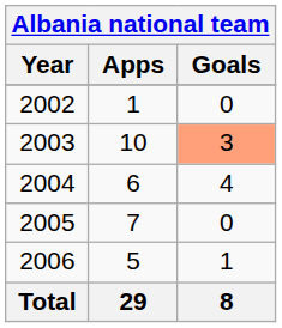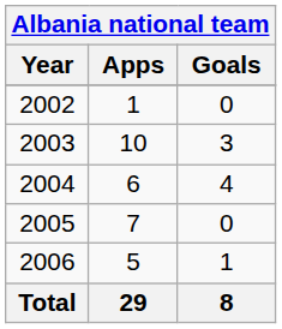 <table class="wikitable" style="text-align:center">
 <tr>
 <th colspan=3><a href='#'>Albania national team</a></th>
 </tr>
 <tr>
 <th>Year</th>
 <th>Apps</th>
 <th>Goals</th>
 </tr>
 <tr>
 </tr>
 <tr>
 <td>2002</td>
 <td>1</td>
 <td>0</td>
 </tr>
 <tr>
 <td>2003</td>
 <td>10</td>
-<td style="background: lightsalmon;">3</td>
+<td>3</td>
 </tr>
 <tr>
 <td>2004</td>
 <td>6</td>
 <td>4</td>
 </tr>
 <tr>
 <td>2005</td>
 <td>7</td>
 <td>0</td>
 </tr>
 <tr>
 <td>2006</td>
 <td>5</td>
 <td>1</td>
 </tr>
 <tr>
 <th>Total</th>
 <th>29</th>
 <th>8</th>
 </tr>
 </table>
